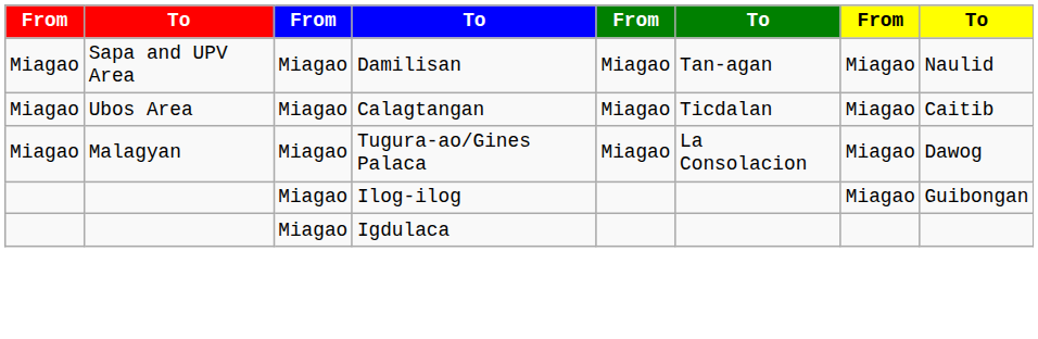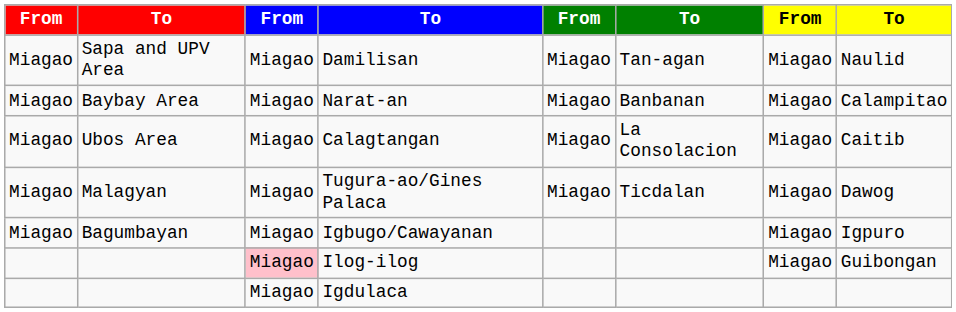 <table class="wikitable"  style="font-size:90%; align:center; margin:auto">
 <tr>
 <th style="background: red; color: white">From</th>
 <th style="background: red; color: white">To</th>
 <th style="background: blue; color: white">From</th>
 <th style="background: blue; color: white">To</th>
 <th style="background: green; color: white">From</th>
 <th style="background: green; color: white">To</th>
 <th style="background: yellow; color: black">From</th>
 <th style="background: yellow; color: black">To</th>
 </tr>
 <tr>
 <td>Miagao</td>
 <td>Sapa and UPV Area</td>
 <td>Miagao</td>
 <td>Damilisan</td>
 <td>Miagao</td>
 <td>Tan-agan</td>
 <td>Miagao</td>
 <td>Naulid</td>
 </tr>
 <tr>
 <td>Miagao</td>
+<td>Baybay Area</td>
+<td>Miagao</td>
+<td>Narat-an</td>
+<td>Miagao</td>
+<td>Banbanan</td>
+<td>Miagao</td>
+<td>Calampitao</td>
+</tr>
+<tr>
+<td>Miagao</td>
 <td>Ubos Area</td>
 <td>Miagao</td>
 <td>Calagtangan</td>
 <td>Miagao</td>
-<td>Ticdalan</td>
+<td>La Consolacion</td>
 <td>Miagao</td>
 <td>Caitib</td>
 </tr>
 <tr>
 <td>Miagao</td>
 <td>Malagyan</td>
 <td>Miagao</td>
 <td>Tugura-ao/Gines Palaca</td>
 <td>Miagao</td>
-<td>La Consolacion</td>
+<td>Ticdalan</td>
 <td>Miagao</td>
 <td>Dawog</td>
 </tr>
 <tr>
+<td>Miagao</td>
+<td>Bagumbayan</td>
+<td>Miagao</td>
+<td>Igbugo/Cawayanan</td>
 <td></td>
 <td></td>
 <td>Miagao</td>
+<td>Igpuro</td>
+</tr>
+<tr>
+<td></td>
+<td></td>
+<td style="background: pink;">Miagao</td>
 <td>Ilog-ilog</td>
 <td></td>
 <td></td>
 <td>Miagao</td>
 <td>Guibongan</td>
 </tr>
 <tr>
 <td></td>
 <td></td>
 <td>Miagao</td>
 <td>Igdulaca</td>
 <td></td>
 <td></td>
 <td></td>
 <td></td>
 </tr>
 </table>
